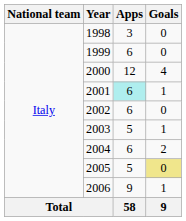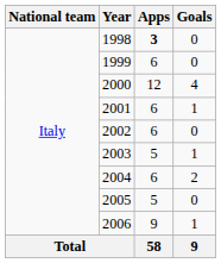 <table class="wikitable" style="text-align:center">
 <tr>
 <th>National team</th>
 <th>Year</th>
 <th>Apps</th>
 <th>Goals</th>
 </tr>
 <tr>
 <td rowspan="9"><a href='#'>Italy</a></td>
 <td>1998</td>
-<td>3</td>
+<td><strong>3</strong></td>
 <td>0</td>
 </tr>
 <tr>
 <td>1999</td>
 <td>6</td>
 <td>0</td>
 </tr>
 <tr>
 <td>2000</td>
 <td>12</td>
 <td>4</td>
 </tr>
 <tr>
 <td>2001</td>
-<td style="background: paleturquoise;">6</td>
+<td>6</td>
 <td>1</td>
 </tr>
 <tr>
 <td>2002</td>
 <td>6</td>
 <td>0</td>
 </tr>
 <tr>
 <td>2003</td>
 <td>5</td>
 <td>1</td>
 </tr>
 <tr>
 <td>2004</td>
 <td>6</td>
 <td>2</td>
 </tr>
 <tr>
 <td>2005</td>
 <td>5</td>
-<td style="background: khaki;">0</td>
+<td>0</td>
 </tr>
 <tr>
 <td>2006</td>
 <td>9</td>
 <td>1</td>
 </tr>
 <tr>
 <th colspan="2">Total</th>
 <th>58</th>
 <th>9</th>
 </tr>
 </table>
